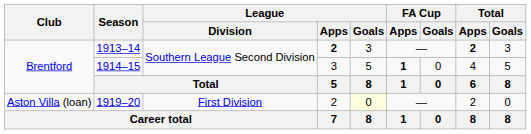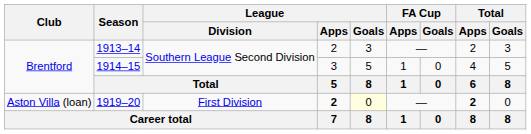 <table class="wikitable" style="text-align: center;">
 <tr>
 <th rowspan="2">Club</th>
 <th rowspan="2">Season</th>
 <th colspan="3">League</th>
 <th colspan="2">FA Cup</th>
 <th colspan="2">Total</th>
 </tr>
 <tr>
 <th>Division</th>
 <th>Apps</th>
 <th>Goals</th>
 <th>Apps</th>
 <th>Goals</th>
 <th>Apps</th>
 <th>Goals</th>
 </tr>
 <tr>
 <td rowspan="3"><a href='#'>Brentford</a></td>
 <td><a href='#'>1913–14</a></td>
 <td rowspan="2"><a href='#'>Southern League</a> Second Division</td>
-<td><strong>2</strong></td>
+<td>2</td>
 <td>3</td>
 <td colspan="2">—</td>
-<td><strong>2</strong></td>
+<td>2</td>
 <td>3</td>
 </tr>
 <tr>
 <td><a href='#'>1914–15</a></td>
 <td>3</td>
 <td>5</td>
-<td><strong>1</strong></td>
+<td>1</td>
 <td>0</td>
 <td>4</td>
 <td>5</td>
 </tr>
 <tr>
 <th colspan="2">Total</th>
 <th>5</th>
 <th>8</th>
 <th>1</th>
 <th>0</th>
 <th>6</th>
 <th>8</th>
 </tr>
 <tr>
 <td><a href='#'>Aston Villa</a> (loan)</td>
 <td><a href='#'>1919–20</a></td>
 <td><a href='#'>First Division</a></td>
-<td>2</td>
+<td><strong>2</strong></td>
 <td style="background: lightyellow;">0</td>
 <td colspan="2">—</td>
-<td>2</td>
+<td><strong>2</strong></td>
 <td>0</td>
 </tr>
 <tr>
 <th colspan="3">Career total</th>
 <th>7</th>
 <th>8</th>
 <th>1</th>
 <th>0</th>
 <th>8</th>
 <th>8</th>
 </tr>
 </table>
